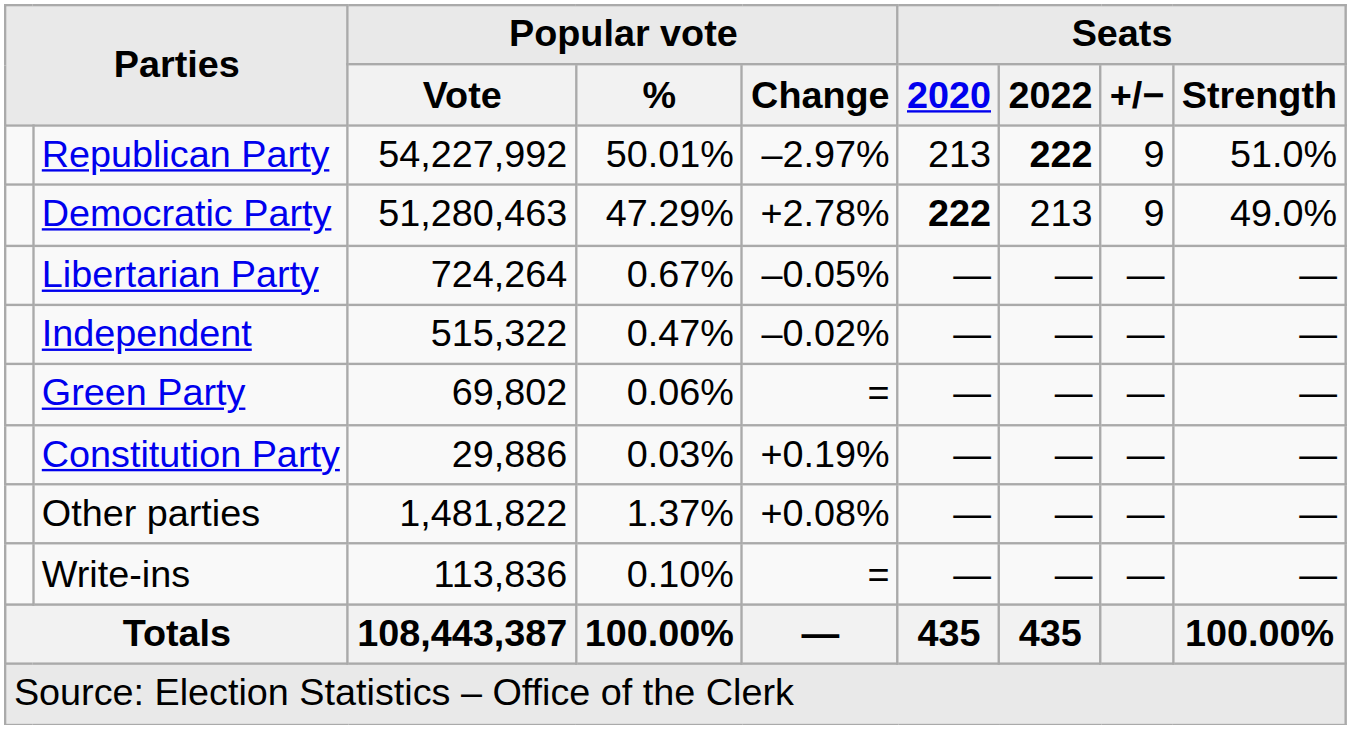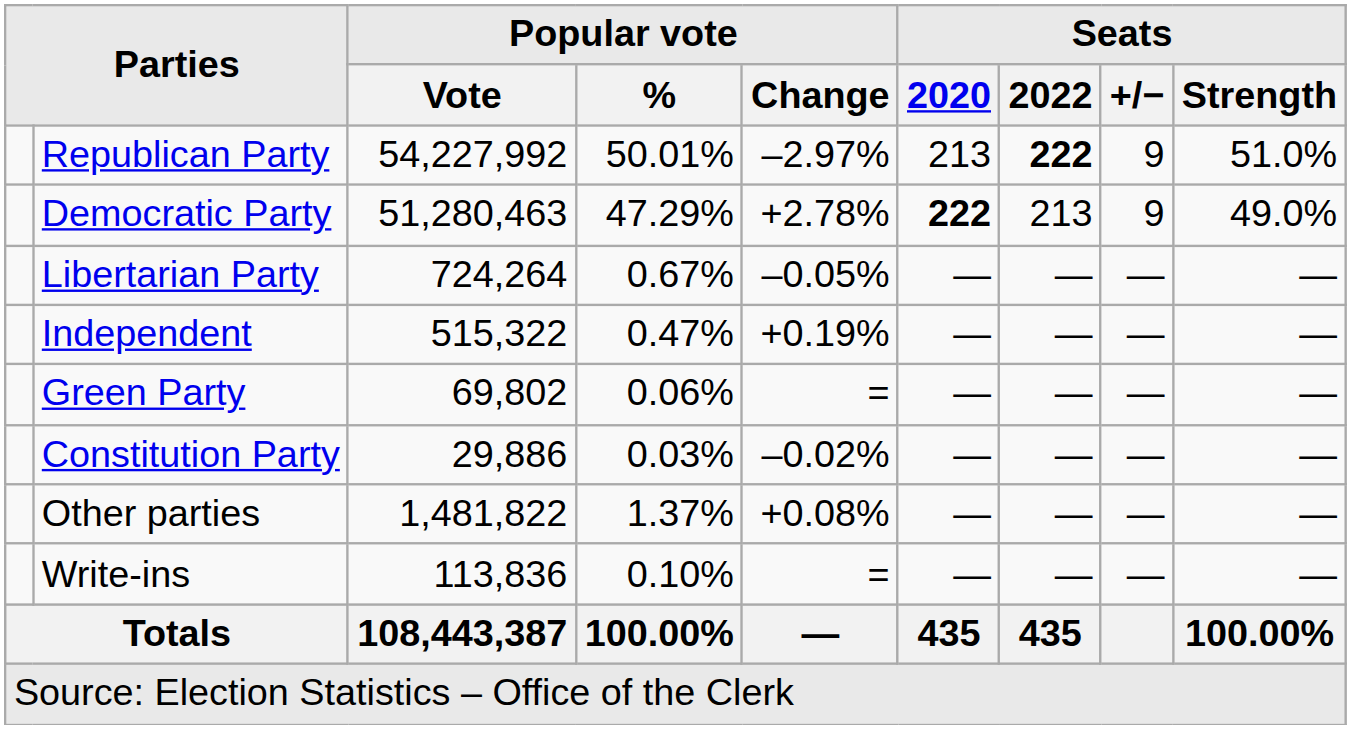 <table class=wikitable>
 <tr>
 <th style="background:#e9e9e9; text-align:center" rowspan="2" colspan="2">Parties</th>
 <th style="background:#e9e9e9; text-align:center" colspan="3">Popular vote</th>
 <th style="background:#e9e9e9; text-align:center" colspan="4">Seats</th>
 </tr>
 <tr style="background:#e9e9e9">
 <th>Vote</th>
 <th>%</th>
 <th>Change</th>
 <th><a href='#'>2020</a></th>
 <th>2022</th>
 <th>+/−</th>
 <th>Strength</th>
 </tr>
 <tr>
 <td style="background-color:"> </td>
 <td><a href='#'>Republican Party</a></td>
 <td align=right>54,227,992</td>
 <td align=right>50.01%</td>
 <td align=right>–2.97%</td>
 <td align=right>213</td>
 <td align=right><strong>222</strong></td>
 <td align=right> 9</td>
 <td align=right>51.0%</td>
 </tr>
 <tr>
 <td style="background-color:"> </td>
 <td><a href='#'>Democratic Party</a></td>
 <td align=right>51,280,463</td>
 <td align=right>47.29%</td>
 <td align=right>+2.78%</td>
 <td align=right><strong>222</strong></td>
 <td align=right>213</td>
 <td align=right> 9</td>
 <td align=right>49.0%</td>
 </tr>
 <tr>
 <td style="background-color:"> </td>
 <td><a href='#'>Libertarian Party</a></td>
 <td align=right>724,264</td>
 <td align=right>0.67%</td>
 <td align=right>–0.05%</td>
 <td align=right>—</td>
 <td align=right>—</td>
 <td align=right>—</td>
 <td align=right>—</td>
 </tr>
 <tr>
 <td style="background-color:"> </td>
 <td><a href='#'>Independent</a></td>
 <td align=right>515,322</td>
 <td align=right>0.47%</td>
-<td align=right>–0.02%</td>
+<td align=right>+0.19%</td>
 <td align=right>—</td>
 <td align=right>—</td>
 <td align=right>—</td>
 <td align=right>—</td>
 </tr>
 <tr>
 <td style="background-color:"> </td>
 <td><a href='#'>Green Party</a></td>
 <td align=right>69,802</td>
 <td align=right>0.06%</td>
 <td align=right>=</td>
 <td align=right>—</td>
 <td align=right>—</td>
 <td align=right>—</td>
 <td align=right>—</td>
 </tr>
 <tr>
 <td style="background-color:"> </td>
 <td><a href='#'>Constitution Party</a></td>
 <td align=right>29,886</td>
 <td align=right>0.03%</td>
-<td align=right>+0.19%</td>
+<td align=right>–0.02%</td>
 <td align=right>—</td>
 <td align=right>—</td>
 <td align=right>—</td>
 <td align=right>—</td>
 </tr>
 <tr>
 <td style="background-color:"> </td>
 <td>Other parties</td>
 <td align="right">1,481,822</td>
 <td align="right">1.37%</td>
 <td align="right">+0.08%</td>
 <td align="right">—</td>
 <td align="right">—</td>
 <td align="right">—</td>
 <td align="right">—</td>
 </tr>
 <tr>
 <td style="background-color:"> </td>
 <td>Write-ins</td>
 <td align="right">113,836</td>
 <td align="right">0.10%</td>
 <td align="right">=</td>
 <td align="right">—</td>
 <td align="right">—</td>
 <td align="right">—</td>
 <td align="right">—</td>
 </tr>
 <tr style="background:#ccc">
 <th colspan=2>Totals</th>
 <th>108,443,387</th>
 <th>100.00%</th>
 <th>—</th>
 <th>435</th>
 <th>435</th>
 <th></th>
 <th>100.00%</th>
 </tr>
 <tr bgcolor=E9E9E9>
 <td align="left" colspan=9>Source:  Election Statistics – Office of the Clerk</td>
 </tr>
 </table>
